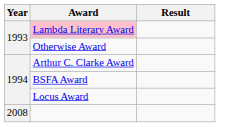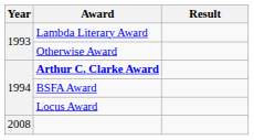 <table class="wikitable sortable">
 <tr>
 <th scope=col>Year</th>
 <th scope=col>Award</th>
 <th scope=col style="min-width: 7em">Result</th>
 </tr>
 <tr>
 <th scope=row style="font-weight: normal" rowspan=2>1993</th>
-<td style="background: pink;"><a href='#'>Lambda Literary Award</a></td>
+<td><a href='#'>Lambda Literary Award</a></td>
 <td></td>
 </tr>
 <tr>
 <td><a href='#'>Otherwise Award</a></td>
 <td></td>
 </tr>
 <tr>
 <th scope=rowgroup style="font-weight: normal" rowspan=3>1994</th>
-<td><a href='#'>Arthur C. Clarke Award</a></td>
+<td><strong><a href='#'>Arthur C. Clarke Award</a></strong></td>
 <td></td>
 </tr>
 <tr>
 <td><a href='#'>BSFA Award</a></td>
 <td></td>
 </tr>
 <tr>
 <td><a href='#'>Locus Award</a></td>
 <td></td>
 </tr>
 <tr>
 <th style="font-weight: normal">2008</th>
 <td></td>
 <td></td>
 </tr>
 </table>
